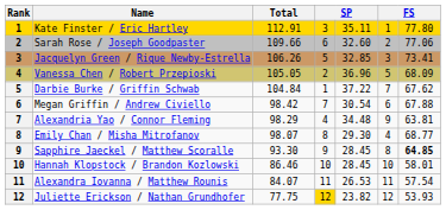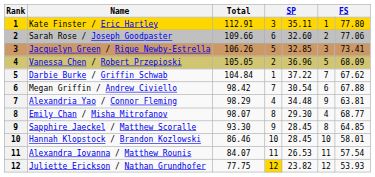 <table class="wikitable sortable">
 <tr>
 <th>Rank</th>
 <th>Name</th>
 <th width="80px">Total</th>
 <th colspan="2" width="80px"><a href='#'>SP</a></th>
 <th colspan="2" width="80px"><a href='#'>FS</a></th>
 </tr>
 <tr bgcolor="gold">
 <td align="center"><strong>1</strong></td>
 <td>Kate Finster / <a href='#'>Eric Hartley</a></td>
 <td align="center">112.91</td>
 <td align="center">3</td>
 <td align="center">35.11</td>
 <td align="center">1</td>
 <td align="center">77.80</td>
 </tr>
 <tr bgcolor="silver">
 <td align="center"><strong>2</strong></td>
 <td>Sarah Rose / <a href='#'>Joseph Goodpaster</a></td>
 <td align="center">109.66</td>
 <td align="center">6</td>
 <td align="center">32.60</td>
 <td align="center">2</td>
 <td align="center">77.06</td>
 </tr>
 <tr bgcolor="cc9966">
 <td align="center"><strong>3</strong></td>
 <td><a href='#'>Jacquelyn Green</a> / <a href='#'>Rique Newby-Estrella</a></td>
 <td align="center">106.26</td>
 <td align="center">5</td>
 <td align="center">32.85</td>
 <td align="center">3</td>
 <td align="center">73.41</td>
 </tr>
 <tr bgcolor="#d1c571">
 <td align="center"><strong>4</strong></td>
 <td><a href='#'>Vanessa Chen</a> / <a href='#'>Robert Przepioski</a></td>
 <td align="center">105.05</td>
 <td align="center">2</td>
 <td align="center">36.96</td>
 <td align="center">5</td>
 <td align="center">68.09</td>
 </tr>
 <tr>
 <th>5</th>
 <td><a href='#'>Darbie Burke</a> / <a href='#'>Griffin Schwab</a></td>
 <td align="center">104.84</td>
 <td align="center">1</td>
 <td align="center">37.22</td>
 <td align="center">7</td>
 <td align="center">67.62</td>
 </tr>
 <tr>
 <th>6</th>
 <td>Megan Griffin / <a href='#'>Andrew Civiello</a></td>
 <td align="center">98.42</td>
 <td align="center">7</td>
 <td align="center">30.54</td>
 <td align="center">6</td>
 <td align="center">67.88</td>
 </tr>
 <tr>
 <th>7</th>
 <td><a href='#'>Alexandria Yao</a> / <a href='#'>Connor Fleming</a></td>
 <td align="center">98.29</td>
 <td align="center">4</td>
 <td align="center">34.48</td>
 <td align="center">9</td>
 <td align="center">63.81</td>
 </tr>
 <tr>
 <th>8</th>
 <td><a href='#'>Emily Chan</a> / <a href='#'>Misha Mitrofanov</a></td>
 <td align="center">98.07</td>
 <td align="center">8</td>
 <td align="center">29.30</td>
 <td align="center">4</td>
 <td align="center">68.77</td>
 </tr>
 <tr>
 <th>9</th>
 <td><a href='#'>Sapphire Jaeckel</a> / <a href='#'>Matthew Scoralle</a></td>
 <td align="center">93.30</td>
 <td align="center">9</td>
 <td align="center">28.45</td>
 <td align="center">8</td>
-<td align="center"><strong>64.85</strong></td>
+<td align="center">64.85</td>
 </tr>
 <tr>
 <th>10</th>
 <td><a href='#'>Hannah Klopstock</a> / <a href='#'>Brandon Kozlowski</a></td>
 <td align="center">86.46</td>
 <td align="center">10</td>
 <td align="center">28.45</td>
 <td align="center">10</td>
 <td align="center">58.01</td>
 </tr>
 <tr>
 <th>11</th>
 <td><a href='#'>Alexandra Iovanna</a> / <a href='#'>Matthew Rounis</a></td>
 <td align="center">84.07</td>
 <td align="center">11</td>
 <td align="center">26.53</td>
 <td align="center">11</td>
 <td align="center">57.54</td>
 </tr>
 <tr>
 <th>12</th>
 <td><a href='#'>Juliette Erickson</a> / <a href='#'>Nathan Grundhofer</a></td>
 <td align="center">77.75</td>
 <td align="center" style="background: gold;">12</td>
 <td align="center">23.82</td>
 <td align="center">12</td>
 <td align="center">53.93</td>
 </tr>
 </table>
